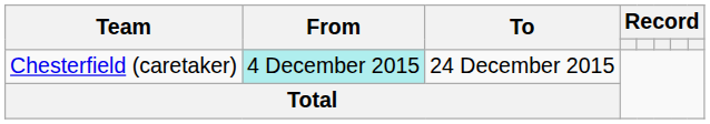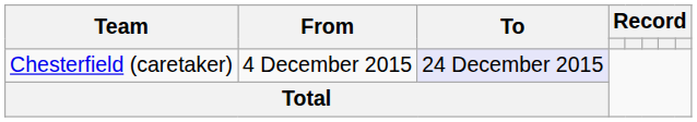 <table class="wikitable" style="text-align: center">
 <tr>
 <th rowspan=2>Team</th>
 <th rowspan=2>From</th>
 <th rowspan=2>To</th>
 <th colspan=5>Record</th>
 </tr>
 <tr>
 <th></th>
 <th></th>
 <th></th>
 <th></th>
 <th></th>
 </tr>
 <tr>
 <td align=left><a href='#'>Chesterfield</a> (caretaker)</td>
-<td align=left style="background: paleturquoise;">4 December 2015</td>
-<td align=left>24 December 2015<br></td>
+<td align=left>4 December 2015</td>
+<td align=left style="background: lavender;">24 December 2015<br></td>
 </tr>
 <tr>
 <th colspan=3>Total<br></th>
 </tr>
 </table>
